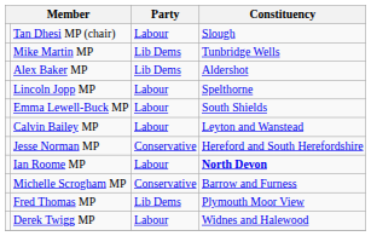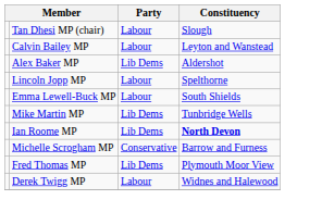 <table class="wikitable">
 <tr>
 <th colspan="2" valign="top">Member</th>
 <th valign="top">Party</th>
 <th valign="top">Constituency</th>
 </tr>
 <tr>
 <td style="color:inherit;background:"></td>
 <td><a href='#'>Tan Dhesi</a> MP (chair)</td>
 <td><a href='#'>Labour</a></td>
 <td><a href='#'>Slough</a></td>
 </tr>
 <tr>
 <td style="color:inherit;background:"></td>
-<td><a href='#'>Mike Martin</a> MP</td>
-<td><a href='#'>Lib Dems</a></td>
-<td><a href='#'>Tunbridge Wells</a></td>
+<td><a href='#'>Calvin Bailey</a> MP</td>
+<td><a href='#'>Labour</a></td>
+<td><a href='#'>Leyton and Wanstead</a></td>
 </tr>
 <tr>
 <td style="color:inherit;background:"></td>
 <td><a href='#'>Alex Baker</a> MP</td>
 <td><a href='#'>Lib Dems</a></td>
 <td><a href='#'>Aldershot</a></td>
 </tr>
 <tr>
 <td style="color:inherit;background:"></td>
 <td><a href='#'>Lincoln Jopp</a> MP</td>
 <td><a href='#'>Labour</a></td>
 <td><a href='#'>Spelthorne</a></td>
 </tr>
 <tr>
 <td style="color:inherit;background:"></td>
 <td><a href='#'>Emma Lewell-Buck</a> MP</td>
 <td><a href='#'>Labour</a></td>
 <td><a href='#'>South Shields</a></td>
 </tr>
 <tr>
 <td style="color:inherit;background:"></td>
-<td><a href='#'>Calvin Bailey</a> MP</td>
-<td><a href='#'>Labour</a></td>
-<td><a href='#'>Leyton and Wanstead</a></td>
-</tr>
-<tr>
-<td style="color:inherit;background:"></td>
-<td><a href='#'>Jesse Norman</a> MP</td>
-<td><a href='#'>Conservative</a></td>
-<td><a href='#'>Hereford and South Herefordshire</a></td>
+<td><a href='#'>Mike Martin</a> MP</td>
+<td><a href='#'>Lib Dems</a></td>
+<td><a href='#'>Tunbridge Wells</a></td>
 </tr>
 <tr>
 <td style="color:inherit;background:"></td>
 <td><a href='#'>Ian Roome</a> MP</td>
-<td><a href='#'>Labour</a></td>
+<td><a href='#'>Lib Dems</a></td>
 <td><strong><a href='#'>North Devon</a></strong></td>
 </tr>
 <tr>
 <td style="color:inherit;background:"></td>
 <td><a href='#'>Michelle Scrogham</a> MP</td>
 <td><a href='#'>Conservative</a></td>
 <td><a href='#'>Barrow and Furness</a></td>
 </tr>
 <tr>
 <td style="color:inherit;background:"></td>
 <td><a href='#'>Fred Thomas</a> MP</td>
 <td><a href='#'>Lib Dems</a></td>
 <td><a href='#'>Plymouth Moor View</a></td>
 </tr>
 <tr>
 <td style="color:inherit;background:"></td>
 <td><a href='#'>Derek Twigg</a> MP</td>
 <td><a href='#'>Labour</a></td>
 <td><a href='#'>Widnes and Halewood</a></td>
 </tr>
 <tr>
 </tr>
 </table>
